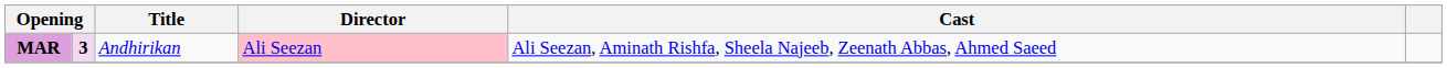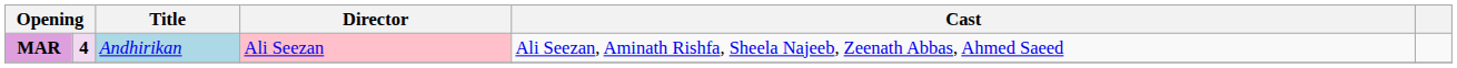 <table class="wikitable plainrowheaders" width="100%">
 <tr>
 <th scope="col" colspan="2" width=4%>Opening</th>
 <th scope="col" width=8%>Title</th>
 <th scope="col" width=15%>Director</th>
 <th scope="col" width=50%>Cast</th>
 <th scope="col" width=2%></th>
 </tr>
 <tr>
 <td style="text-align:center; background:plum; textcolor:#000;"><strong>MAR</strong></td>
-<td style="text-align:center; background:#f1daf1;"><strong>3</strong></td>
-<td><em><a href='#'>Andhirikan</a></em></td>
+<td style="text-align:center; background:#f1daf1;"><strong>4</strong></td>
+<td style="background: lightblue;"><em><a href='#'>Andhirikan</a></em></td>
 <td style="background: pink;"><a href='#'>Ali Seezan</a></td>
 <td><a href='#'>Ali Seezan</a>, <a href='#'>Aminath Rishfa</a>, <a href='#'>Sheela Najeeb</a>, <a href='#'>Zeenath Abbas</a>, <a href='#'>Ahmed Saeed</a></td>
 <td style="text-align:center;"></td>
 </tr>
 <tr>
 </tr>
 </table>
